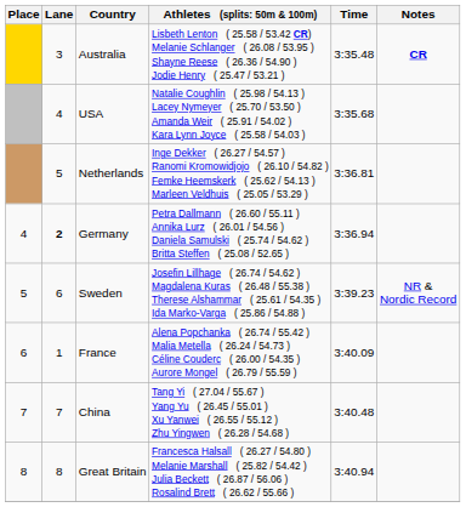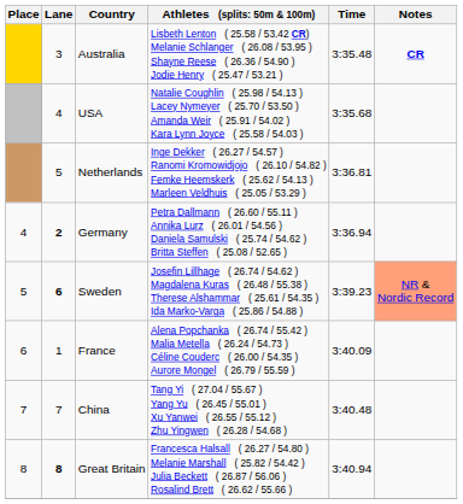 <table class="wikitable" style="text-align:center">
 <tr>
 <th>Place</th>
 <th>Lane</th>
 <th>Country</th>
 <th>Athletes <small>  (splits: 50m & 100m)</small></th>
 <th>Time</th>
 <th>Notes</th>
 </tr>
 <tr>
 <td bgcolor=gold></td>
 <td>3</td>
 <td align=left> Australia</td>
 <td align=left><small><a href='#'>Lisbeth Lenton</a>   ( 25.58 / 53.42 <strong><a href='#'>CR</a></strong>) <br> <a href='#'>Melanie Schlanger</a>   ( 26.08 / 53.95 ) <br> <a href='#'>Shayne Reese</a>   ( 26.36 / 54.90 ) <br> <a href='#'>Jodie Henry</a>   ( 25.47 / 53.21 ) </small></td>
 <td>3:35.48</td>
 <td><strong><a href='#'>CR</a></strong></td>
 </tr>
 <tr>
 <td bgcolor=silver></td>
 <td>4</td>
 <td align=left> USA</td>
 <td align=left><small><a href='#'>Natalie Coughlin</a>   ( 25.98 / 54.13 ) <br> <a href='#'>Lacey Nymeyer</a>   ( 25.70 / 53.50 ) <br> <a href='#'>Amanda Weir</a>   ( 25.91 / 54.02 ) <br> <a href='#'>Kara Lynn Joyce</a>   ( 25.58 / 54.03 )</small></td>
 <td>3:35.68</td>
 <td></td>
 </tr>
 <tr>
 <td bgcolor=cc9966></td>
 <td>5</td>
 <td align=left> Netherlands</td>
 <td align=left><small><a href='#'>Inge Dekker</a>   ( 26.27 / 54.57 ) <br> <a href='#'>Ranomi Kromowidjojo</a>   ( 26.10 / 54.82 ) <br> <a href='#'>Femke Heemskerk</a>   ( 25.62 / 54.13 ) <br> <a href='#'>Marleen Veldhuis</a>   ( 25.05 / 53.29 )</small></td>
 <td>3:36.81</td>
 <td></td>
 </tr>
 <tr>
 <td>4</td>
 <td><strong>2</strong></td>
 <td align=left> Germany</td>
 <td align=left><small><a href='#'>Petra Dallmann</a>   ( 26.60 / 55.11 ) <br> <a href='#'>Annika Lurz</a>   ( 26.01 / 54.56 ) <br> <a href='#'>Daniela Samulski</a>   ( 25.74 / 54.62 ) <br> <a href='#'>Britta Steffen</a>   ( 25.08 / 52.65 ) </small></td>
 <td>3:36.94</td>
 <td></td>
 </tr>
 <tr>
 <td>5</td>
-<td>6</td>
+<td><strong>6</strong></td>
 <td align=left> Sweden</td>
 <td align=left><small><a href='#'>Josefin Lillhage</a>   ( 26.74 / 54.62 ) <br> <a href='#'>Magdalena Kuras</a>   ( 26.48 / 55.38 ) <br> <a href='#'>Therese Alshammar</a>   ( 25.61 / 54.35 ) <br> <a href='#'>Ida Marko-Varga</a>   ( 25.86 / 54.88 )</small></td>
 <td>3:39.23</td>
-<td><a href='#'>NR</a> & <br> <a href='#'>Nordic Record</a></td>
+<td style="background: lightsalmon;"><a href='#'>NR</a> & <br> <a href='#'>Nordic Record</a></td>
 </tr>
 <tr>
 <td>6</td>
 <td>1</td>
 <td align=left> France</td>
 <td align=left><small><a href='#'>Alena Popchanka</a>   ( 26.74 / 55.42 ) <br> <a href='#'>Malia Metella</a>   ( 26.24 / 54.73 ) <br> <a href='#'>Céline Couderc</a>   ( 26.00 / 54.35 ) <br> <a href='#'>Aurore Mongel</a>    ( 26.79 / 55.59 )</small></td>
 <td>3:40.09</td>
 <td></td>
 </tr>
 <tr>
 <td>7</td>
 <td>7</td>
 <td align=left> China</td>
 <td align=left><small><a href='#'>Tang Yi</a>   ( 27.04 / 55.67 ) <br> <a href='#'>Yang Yu</a>   ( 26.45 / 55.01 ) <br> <a href='#'>Xu Yanwei</a>   ( 26.55 / 55.12 ) <br> <a href='#'>Zhu Yingwen</a>   ( 26.28 / 54.68 ) </small></td>
 <td>3:40.48</td>
 <td></td>
 </tr>
 <tr>
 <td>8</td>
-<td>8</td>
+<td><strong>8</strong></td>
 <td align=left> Great Britain</td>
 <td align=left><small><a href='#'>Francesca Halsall</a>   ( 26.27 / 54.80 ) <br> <a href='#'>Melanie Marshall</a>   ( 25.82 / 54.42 ) <br> <a href='#'>Julia Beckett</a>   ( 26.87 / 56.06 ) <br> <a href='#'>Rosalind Brett</a>   ( 26.62 / 55.66 )</small></td>
 <td>3:40.94</td>
 <td></td>
 </tr>
 <tr>
 </tr>
 </table>
